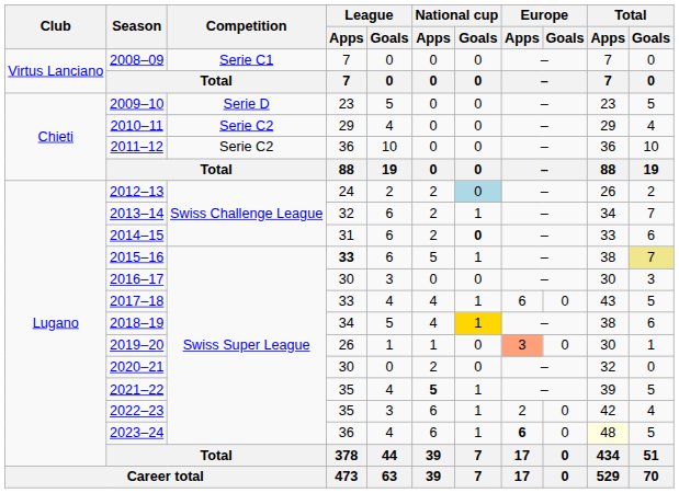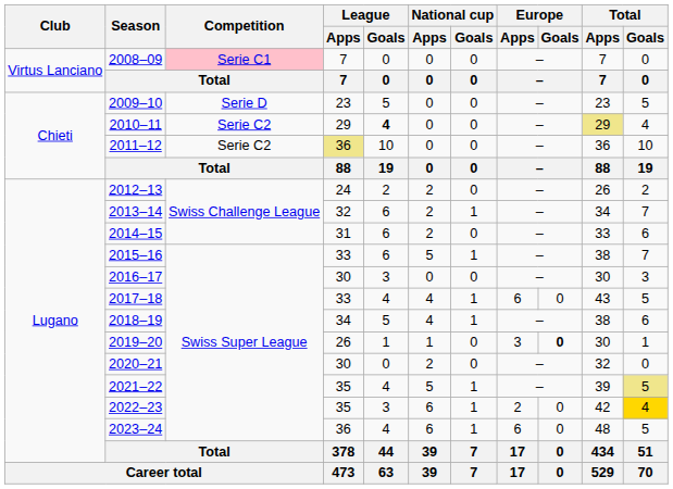 <table class="wikitable" style="text-align: center;">
 <tr>
 <th rowspan="2">Club</th>
 <th rowspan="2">Season</th>
 <th rowspan="2">Competition</th>
 <th colspan="2">League</th>
 <th colspan="2">National cup</th>
 <th colspan="2">Europe</th>
 <th colspan="2">Total</th>
 </tr>
 <tr>
 <th>Apps</th>
 <th>Goals</th>
 <th>Apps</th>
 <th>Goals</th>
 <th>Apps</th>
 <th>Goals</th>
 <th>Apps</th>
 <th>Goals</th>
 </tr>
 <tr>
 <td rowspan="2" valign="center"><a href='#'>Virtus Lanciano</a></td>
 <td><a href='#'>2008–09</a></td>
-<td><a href='#'>Serie C1</a></td>
+<td style="background: pink;"><a href='#'>Serie C1</a></td>
 <td>7</td>
 <td>0</td>
 <td>0</td>
 <td>0</td>
 <td colspan="2">–</td>
 <td>7</td>
 <td>0</td>
 </tr>
 <tr>
 <th colspan="2">Total</th>
 <th>7</th>
 <th>0</th>
 <th>0</th>
 <th>0</th>
 <th colspan="2">–</th>
 <th>7</th>
 <th>0</th>
 </tr>
 <tr>
 <td rowspan="4" valign="center"><a href='#'>Chieti</a></td>
 <td><a href='#'>2009–10</a></td>
 <td><a href='#'>Serie D</a></td>
 <td>23</td>
 <td>5</td>
 <td>0</td>
 <td>0</td>
 <td colspan="2">–</td>
 <td>23</td>
 <td>5</td>
 </tr>
 <tr>
 <td><a href='#'>2010–11</a></td>
 <td><a href='#'>Serie C2</a></td>
 <td>29</td>
-<td>4</td>
+<td><strong>4</strong></td>
 <td>0</td>
 <td>0</td>
 <td colspan="2">–</td>
-<td>29</td>
+<td style="background: khaki;">29</td>
 <td>4</td>
 </tr>
 <tr>
 <td><a href='#'>2011–12</a></td>
 <td>Serie C2</td>
-<td>36</td>
+<td style="background: khaki;">36</td>
 <td>10</td>
 <td>0</td>
 <td>0</td>
 <td colspan="2">–</td>
 <td>36</td>
 <td>10</td>
 </tr>
 <tr>
 <th colspan="2">Total</th>
 <th>88</th>
 <th>19</th>
 <th>0</th>
 <th>0</th>
 <th colspan="2">–</th>
 <th>88</th>
 <th>19</th>
 </tr>
 <tr>
 <td rowspan=13 valign="center"><a href='#'>Lugano</a></td>
 <td><a href='#'>2012–13</a></td>
 <td rowspan=3><a href='#'>Swiss Challenge League</a></td>
 <td>24</td>
 <td>2</td>
 <td>2</td>
-<td style="background: lightblue;">0</td>
+<td>0</td>
 <td colspan="2">–</td>
 <td>26</td>
 <td>2</td>
 </tr>
 <tr>
 <td><a href='#'>2013–14</a></td>
 <td>32</td>
 <td>6</td>
 <td>2</td>
 <td>1</td>
 <td colspan="2">–</td>
 <td>34</td>
 <td>7</td>
 </tr>
 <tr>
 <td><a href='#'>2014–15</a></td>
 <td>31</td>
 <td>6</td>
 <td>2</td>
-<td><strong>0</strong></td>
+<td>0</td>
 <td colspan="2">–</td>
 <td>33</td>
 <td>6</td>
 </tr>
 <tr>
 <td><a href='#'>2015–16</a></td>
 <td rowspan=9><a href='#'>Swiss Super League</a></td>
-<td><strong>33</strong></td>
+<td>33</td>
 <td>6</td>
 <td>5</td>
 <td>1</td>
 <td colspan="2">–</td>
 <td>38</td>
-<td style="background: khaki;">7</td>
+<td>7</td>
 </tr>
 <tr>
 <td><a href='#'>2016–17</a></td>
 <td>30</td>
 <td>3</td>
 <td>0</td>
 <td>0</td>
 <td colspan="2">–</td>
 <td>30</td>
 <td>3</td>
 </tr>
 <tr>
 <td><a href='#'>2017–18</a></td>
 <td>33</td>
 <td>4</td>
 <td>4</td>
 <td>1</td>
 <td>6</td>
 <td>0</td>
 <td>43</td>
 <td>5</td>
 </tr>
 <tr>
 <td><a href='#'>2018–19</a></td>
 <td>34</td>
 <td>5</td>
 <td>4</td>
-<td style="background: gold;">1</td>
+<td>1</td>
 <td colspan="2">–</td>
 <td>38</td>
 <td>6</td>
 </tr>
 <tr>
 <td><a href='#'>2019–20</a></td>
 <td>26</td>
 <td>1</td>
 <td>1</td>
 <td>0</td>
-<td style="background: lightsalmon;">3</td>
-<td>0</td>
+<td>3</td>
+<td><strong>0</strong></td>
 <td>30</td>
 <td>1</td>
 </tr>
 <tr>
 <td><a href='#'>2020–21</a></td>
 <td>30</td>
 <td>0</td>
 <td>2</td>
 <td>0</td>
 <td colspan="2">–</td>
 <td>32</td>
 <td>0</td>
 </tr>
 <tr>
 <td><a href='#'>2021–22</a></td>
 <td>35</td>
 <td>4</td>
-<td><strong>5</strong></td>
+<td>5</td>
 <td>1</td>
 <td colspan="2">–</td>
 <td>39</td>
-<td>5</td>
+<td style="background: khaki;">5</td>
 </tr>
 <tr>
 <td><a href='#'>2022–23</a></td>
 <td>35</td>
 <td>3</td>
 <td>6</td>
 <td>1</td>
 <td>2</td>
 <td>0</td>
 <td>42</td>
-<td>4</td>
+<td style="background: gold;">4</td>
 </tr>
 <tr>
 <td><a href='#'>2023–24</a></td>
 <td>36</td>
 <td>4</td>
 <td>6</td>
 <td>1</td>
-<td><strong>6</strong></td>
+<td>6</td>
 <td>0</td>
-<td style="background: lightyellow;">48</td>
+<td>48</td>
 <td>5</td>
 </tr>
 <tr>
 <th colspan="2">Total</th>
 <th>378</th>
 <th>44</th>
 <th>39</th>
 <th>7</th>
 <th>17</th>
 <th>0</th>
 <th>434</th>
 <th>51</th>
 </tr>
 <tr>
 <th colspan="3">Career total</th>
 <th>473</th>
 <th>63</th>
 <th>39</th>
 <th>7</th>
 <th>17</th>
 <th>0</th>
 <th>529</th>
 <th>70</th>
 </tr>
 </table>
